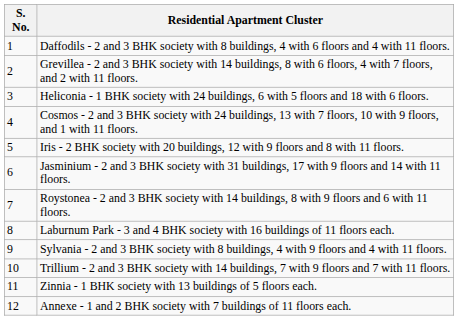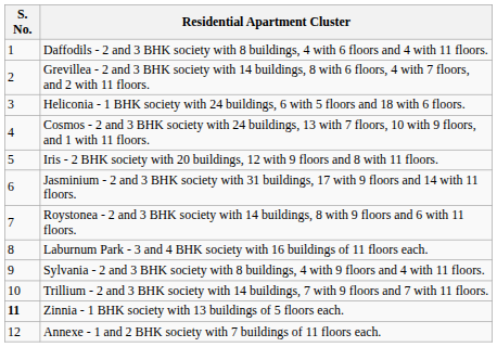 <table class="wikitable">
 <tr>
 <th>S. No.</th>
 <th>Residential Apartment Cluster</th>
 </tr>
 <tr>
 <td>1</td>
 <td>Daffodils - 2 and 3 BHK society with 8 buildings, 4 with 6 floors and 4 with 11 floors.</td>
 </tr>
 <tr>
 <td>2</td>
 <td>Grevillea - 2 and 3 BHK society with 14 buildings, 8 with 6 floors, 4 with 7 floors, and 2 with 11 floors.</td>
 </tr>
 <tr>
 <td>3</td>
 <td>Heliconia - 1 BHK society with 24 buildings, 6 with 5 floors and 18 with 6 floors.</td>
 </tr>
 <tr>
 <td>4</td>
 <td>Cosmos - 2 and 3 BHK society with 24 buildings, 13 with 7 floors, 10 with 9 floors, and 1 with 11 floors.</td>
 </tr>
 <tr>
 <td>5</td>
 <td>Iris - 2 BHK society with 20 buildings, 12 with 9 floors and 8 with 11 floors.</td>
 </tr>
 <tr>
 <td>6</td>
 <td>Jasminium - 2 and 3 BHK society with 31 buildings, 17 with 9 floors and 14 with 11 floors.</td>
 </tr>
 <tr>
 <td>7</td>
 <td>Roystonea - 2 and 3 BHK society with 14 buildings, 8 with 9 floors and 6 with 11 floors.</td>
 </tr>
 <tr>
 <td>8</td>
 <td>Laburnum Park - 3 and 4 BHK society with 16 buildings of 11 floors each.</td>
 </tr>
 <tr>
 <td>9</td>
 <td>Sylvania - 2 and 3 BHK society with 8 buildings, 4 with 9 floors and 4 with 11 floors.</td>
 </tr>
 <tr>
 <td>10</td>
 <td>Trillium - 2 and 3 BHK society with 14 buildings, 7 with 9 floors and 7 with 11 floors.</td>
 </tr>
 <tr>
-<td>11</td>
+<td><strong>11</strong></td>
 <td>Zinnia - 1 BHK society with 13 buildings of 5 floors each.</td>
 </tr>
 <tr>
 <td>12</td>
 <td>Annexe - 1 and 2 BHK society with 7 buildings of 11 floors each.</td>
 </tr>
 </table>
